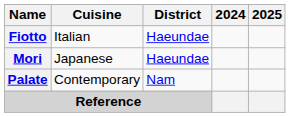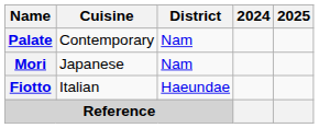 <table class="wikitable sortable plainrowheaders" style="text-align:left;"">
 <tr>
 <th scope="col">Name</th>
 <th scope="col">Cuisine</th>
 <th scope="col">District</th>
 <th scope="col">2024</th>
 <th scope="col">2025</th>
 </tr>
 <tr>
-<th scope="row"><a href='#'>Fiotto</a></th>
-<td>Italian</td>
-<td><a href='#'>Haeundae</a></td>
+<th scope="row"><a href='#'>Palate</a></th>
+<td>Contemporary</td>
+<td><a href='#'>Nam</a></td>
 <td></td>
 <td></td>
 </tr>
 <tr>
 <th scope="row"><a href='#'>Mori</a></th>
 <td>Japanese</td>
-<td><a href='#'>Haeundae</a></td>
+<td><a href='#'>Nam</a></td>
 <td></td>
 <td></td>
 </tr>
 <tr>
-<th scope="row"><a href='#'>Palate</a></th>
-<td>Contemporary</td>
-<td><a href='#'>Nam</a></td>
+<th scope="row"><a href='#'>Fiotto</a></th>
+<td>Italian</td>
+<td><a href='#'>Haeundae</a></td>
 <td></td>
 <td></td>
 </tr>
 <tr>
 <th colspan="3" style="text-align: center;background: lightgray;">Reference</th>
 <th></th>
 <th></th>
 </tr>
 </table>
